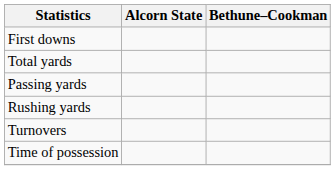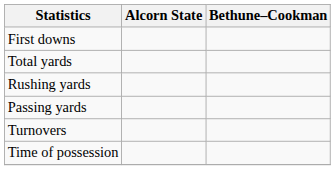 <table class="wikitable">
 <tr>
 <th>Statistics</th>
 <th>Alcorn State</th>
 <th>Bethune–Cookman</th>
 </tr>
 <tr>
 <td>First downs</td>
 <td> </td>
 <td> </td>
 </tr>
 <tr>
 <td>Total yards</td>
 <td> </td>
 <td> </td>
 </tr>
 <tr>
-<td>Passing yards</td>
+<td>Rushing yards</td>
 <td> </td>
 <td> </td>
 </tr>
 <tr>
-<td>Rushing yards</td>
+<td>Passing yards</td>
 <td> </td>
 <td> </td>
 </tr>
 <tr>
 <td>Turnovers</td>
 <td> </td>
 <td> </td>
 </tr>
 <tr>
 <td>Time of possession</td>
 <td> </td>
 <td> </td>
 </tr>
 <tr>
 </tr>
 </table>
